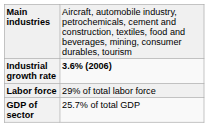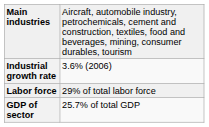 <table style="width: 22em; font-size: 85%; text-align: left;" class="wikitable floatright">
 <tr>
 <th style="text-align:left; background:#f0f0f0; vertical-align:top;">Main industries</th>
 <td style="background:#f0f0f0; vertical-align:top;">Aircraft, automobile industry, petrochemicals, cement and construction, textiles, food and beverages, mining, consumer durables, tourism</td>
 </tr>
 <tr>
 <th style="text-align:left; vertical-align:top;">Industrial growth rate</th>
-<td valign="top"><strong>3.6% (2006)</strong></td>
+<td valign="top">3.6% (2006)</td>
 </tr>
 <tr>
 <th style="text-align:left; background:#f0f0f0; vertical-align:top;">Labor force</th>
 <td style="background:#f0f0f0; vertical-align:top;">29% of total labor force</td>
 </tr>
 <tr>
 <th style="text-align:left; vertical-align:top;">GDP of sector</th>
 <td valign="top">25.7% of total GDP</td>
 </tr>
 </table>
